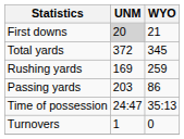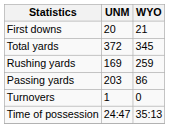 <table class="wikitable">
 <tr>
 <th>Statistics</th>
 <th>UNM</th>
 <th>WYO</th>
 </tr>
 <tr>
 <td>First downs</td>
-<td style="background: lightgrey;">20</td>
+<td>20</td>
 <td>21</td>
 </tr>
 <tr>
 <td>Total yards</td>
 <td>372</td>
 <td>345</td>
 </tr>
 <tr>
 <td>Rushing yards</td>
 <td>169</td>
 <td>259</td>
 </tr>
 <tr>
 <td>Passing yards</td>
 <td>203</td>
 <td>86</td>
 </tr>
 <tr>
+<td>Turnovers</td>
+<td>1</td>
+<td>0</td>
+</tr>
+<tr>
 <td>Time of possession</td>
 <td>24:47</td>
 <td>35:13</td>
 </tr>
 <tr>
-<td>Turnovers</td>
-<td>1</td>
-<td>0</td>
-</tr>
-<tr>
 </tr>
 </table>
